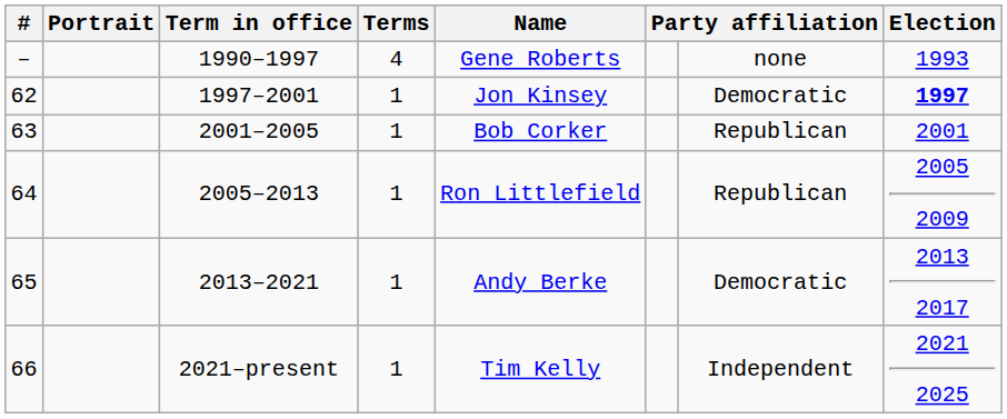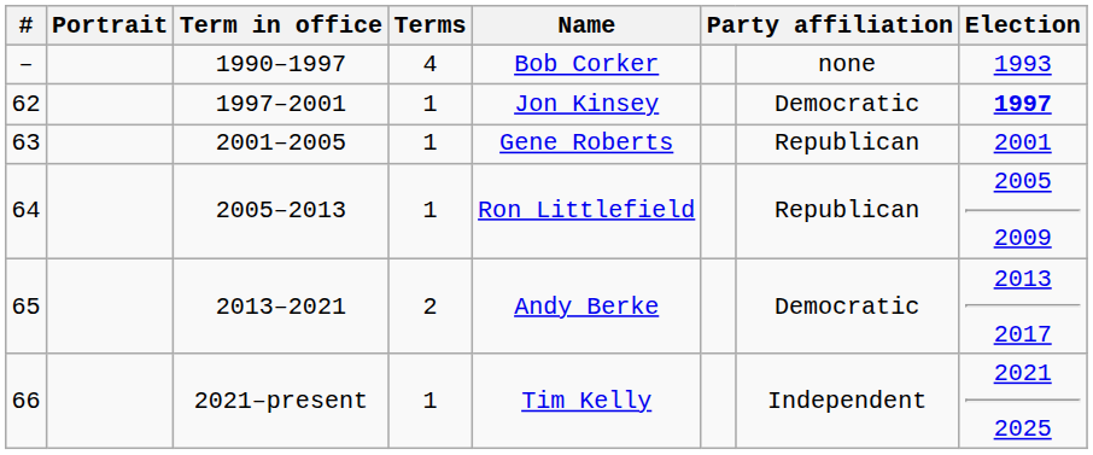 <table class="wikitable sortable" style="text-align: center;">
 <tr>
 <th ! align=center>#</th>
 <th>Portrait</th>
 <th>Term in office</th>
 <th>Terms</th>
 <th>Name</th>
 <th colspan="2">Party affiliation</th>
 <th>Election</th>
 </tr>
 <tr>
 <td>–</td>
 <td></td>
 <td>1990–1997</td>
 <td>4</td>
-<td><a href='#'>Gene Roberts</a></td>
+<td><a href='#'>Bob Corker</a></td>
 <td style="background:"> </td>
 <td>none</td>
 <td><a href='#'>1993</a></td>
 </tr>
 <tr>
 <td>62</td>
 <td></td>
 <td>1997–2001</td>
 <td>1</td>
 <td><a href='#'>Jon Kinsey</a></td>
 <td style="background:"> </td>
 <td>Democratic</td>
 <td><strong><a href='#'>1997</a></strong></td>
 </tr>
 <tr>
 <td>63</td>
 <td></td>
 <td>2001–2005</td>
 <td>1</td>
-<td><a href='#'>Bob Corker</a></td>
+<td><a href='#'>Gene Roberts</a></td>
 <td style="background:"> </td>
 <td>Republican</td>
 <td><a href='#'>2001</a></td>
 </tr>
 <tr>
 <td>64</td>
 <td></td>
 <td>2005–2013</td>
 <td>1</td>
 <td><a href='#'>Ron Littlefield</a></td>
 <td style="background:"> </td>
 <td>Republican</td>
 <td><a href='#'>2005</a> <hr> <a href='#'>2009</a></td>
 </tr>
 <tr>
 <td>65</td>
 <td></td>
 <td>2013–2021</td>
-<td>1</td>
+<td>2</td>
 <td><a href='#'>Andy Berke</a></td>
 <td style="background:"> </td>
 <td>Democratic</td>
 <td><a href='#'>2013</a> <hr> <a href='#'>2017</a></td>
 </tr>
 <tr>
 <td>66</td>
 <td></td>
 <td>2021–present</td>
 <td>1</td>
 <td><a href='#'>Tim Kelly</a></td>
 <td style="background:"> </td>
 <td>Independent</td>
 <td><a href='#'>2021</a> <hr> <a href='#'>2025</a></td>
 </tr>
 </table>
